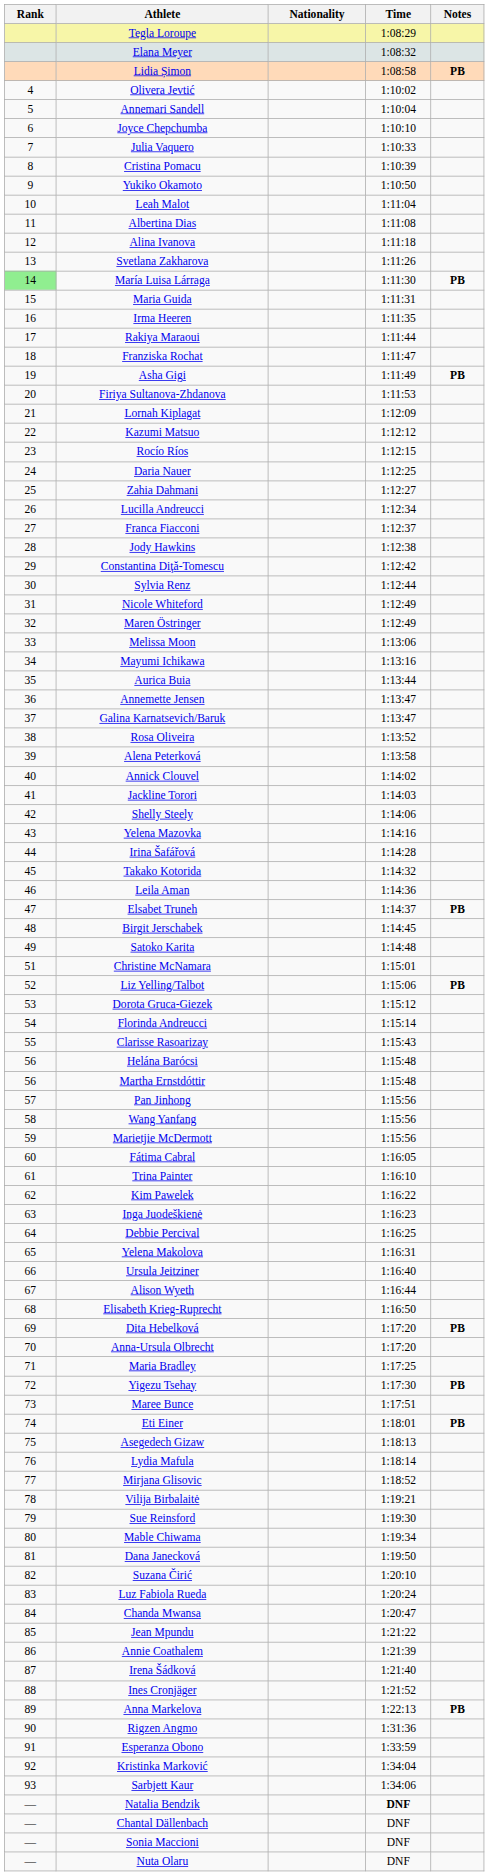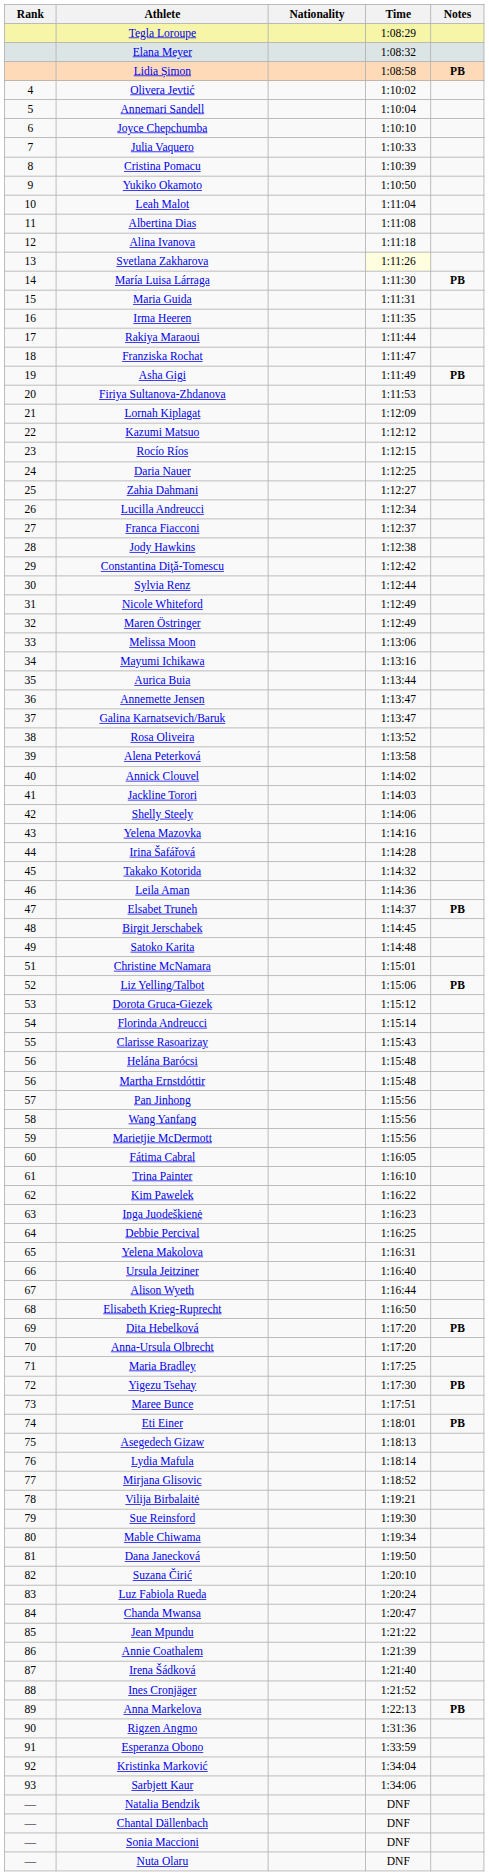 <table class="wikitable sortable" style=" text-align:center; font-size:95%;" width="50%">
 <tr>
 <th>Rank</th>
 <th>Athlete</th>
 <th>Nationality</th>
 <th>Time</th>
 <th>Notes</th>
 </tr>
 <tr bgcolor="#F7F6A8">
 <td align=center></td>
 <td><a href='#'>Tegla Loroupe</a></td>
 <td></td>
 <td>1:08:29</td>
 <td></td>
 </tr>
 <tr bgcolor="#DCE5E5">
 <td align=center></td>
 <td><a href='#'>Elana Meyer</a></td>
 <td></td>
 <td>1:08:32</td>
 <td></td>
 </tr>
 <tr bgcolor="#FFDAB9">
 <td align=center></td>
 <td><a href='#'>Lidia Șimon</a></td>
 <td></td>
 <td>1:08:58</td>
 <td><strong>PB</strong></td>
 </tr>
 <tr>
 <td align=center>4</td>
 <td><a href='#'>Olivera Jevtić</a></td>
 <td></td>
 <td>1:10:02</td>
 <td></td>
 </tr>
 <tr>
 <td align=center>5</td>
 <td><a href='#'>Annemari Sandell</a></td>
 <td></td>
 <td>1:10:04</td>
 <td></td>
 </tr>
 <tr>
 <td align=center>6</td>
 <td><a href='#'>Joyce Chepchumba</a></td>
 <td></td>
 <td>1:10:10</td>
 <td></td>
 </tr>
 <tr>
 <td align=center>7</td>
 <td><a href='#'>Julia Vaquero</a></td>
 <td></td>
 <td>1:10:33</td>
 <td></td>
 </tr>
 <tr>
 <td align=center>8</td>
 <td><a href='#'>Cristina Pomacu</a></td>
 <td></td>
 <td>1:10:39</td>
 <td></td>
 </tr>
 <tr>
 <td align=center>9</td>
 <td><a href='#'>Yukiko Okamoto</a></td>
 <td></td>
 <td>1:10:50</td>
 <td></td>
 </tr>
 <tr>
 <td align=center>10</td>
 <td><a href='#'>Leah Malot</a></td>
 <td></td>
 <td>1:11:04</td>
 <td></td>
 </tr>
 <tr>
 <td align=center>11</td>
 <td><a href='#'>Albertina Dias</a></td>
 <td></td>
 <td>1:11:08</td>
 <td></td>
 </tr>
 <tr>
 <td align=center>12</td>
 <td><a href='#'>Alina Ivanova</a></td>
 <td></td>
 <td>1:11:18</td>
 <td></td>
 </tr>
 <tr>
 <td align=center>13</td>
 <td><a href='#'>Svetlana Zakharova</a></td>
 <td></td>
-<td>1:11:26</td>
+<td style="background: lightyellow;">1:11:26</td>
 <td></td>
 </tr>
 <tr>
-<td align=center style="background: lightgreen;">14</td>
+<td align=center>14</td>
 <td><a href='#'>María Luisa Lárraga</a></td>
 <td></td>
 <td>1:11:30</td>
 <td><strong>PB</strong></td>
 </tr>
 <tr>
 <td align=center>15</td>
 <td><a href='#'>Maria Guida</a></td>
 <td></td>
 <td>1:11:31</td>
 <td></td>
 </tr>
 <tr>
 <td align=center>16</td>
 <td><a href='#'>Irma Heeren</a></td>
 <td></td>
 <td>1:11:35</td>
 <td></td>
 </tr>
 <tr>
 <td align=center>17</td>
 <td><a href='#'>Rakiya Maraoui</a></td>
 <td></td>
 <td>1:11:44</td>
 <td></td>
 </tr>
 <tr>
 <td align=center>18</td>
 <td><a href='#'>Franziska Rochat</a></td>
 <td></td>
 <td>1:11:47</td>
 <td></td>
 </tr>
 <tr>
 <td align=center>19</td>
 <td><a href='#'>Asha Gigi</a></td>
 <td></td>
 <td>1:11:49</td>
 <td><strong>PB</strong></td>
 </tr>
 <tr>
 <td align=center>20</td>
 <td><a href='#'>Firiya Sultanova-Zhdanova</a></td>
 <td></td>
 <td>1:11:53</td>
 <td></td>
 </tr>
 <tr>
 <td align=center>21</td>
 <td><a href='#'>Lornah Kiplagat</a></td>
 <td></td>
 <td>1:12:09</td>
 <td></td>
 </tr>
 <tr>
 <td align=center>22</td>
 <td><a href='#'>Kazumi Matsuo</a></td>
 <td></td>
 <td>1:12:12</td>
 <td></td>
 </tr>
 <tr>
 <td align=center>23</td>
 <td><a href='#'>Rocío Ríos</a></td>
 <td></td>
 <td>1:12:15</td>
 <td></td>
 </tr>
 <tr>
 <td align=center>24</td>
 <td><a href='#'>Daria Nauer</a></td>
 <td></td>
 <td>1:12:25</td>
 <td></td>
 </tr>
 <tr>
 <td align=center>25</td>
 <td><a href='#'>Zahia Dahmani</a></td>
 <td></td>
 <td>1:12:27</td>
 <td></td>
 </tr>
 <tr>
 <td align=center>26</td>
 <td><a href='#'>Lucilla Andreucci</a></td>
 <td></td>
 <td>1:12:34</td>
 <td></td>
 </tr>
 <tr>
 <td align=center>27</td>
 <td><a href='#'>Franca Fiacconi</a></td>
 <td></td>
 <td>1:12:37</td>
 <td></td>
 </tr>
 <tr>
 <td align=center>28</td>
 <td><a href='#'>Jody Hawkins</a></td>
 <td></td>
 <td>1:12:38</td>
 <td></td>
 </tr>
 <tr>
 <td align=center>29</td>
 <td><a href='#'>Constantina Diţă-Tomescu</a></td>
 <td></td>
 <td>1:12:42</td>
 <td></td>
 </tr>
 <tr>
 <td align=center>30</td>
 <td><a href='#'>Sylvia Renz</a></td>
 <td></td>
 <td>1:12:44</td>
 <td></td>
 </tr>
 <tr>
 <td align=center>31</td>
 <td><a href='#'>Nicole Whiteford</a></td>
 <td></td>
 <td>1:12:49</td>
 <td></td>
 </tr>
 <tr>
 <td align=center>32</td>
 <td><a href='#'>Maren Östringer</a></td>
 <td></td>
 <td>1:12:49</td>
 <td></td>
 </tr>
 <tr>
 <td align=center>33</td>
 <td><a href='#'>Melissa Moon</a></td>
 <td></td>
 <td>1:13:06</td>
 <td></td>
 </tr>
 <tr>
 <td align=center>34</td>
 <td><a href='#'>Mayumi Ichikawa</a></td>
 <td></td>
 <td>1:13:16</td>
 <td></td>
 </tr>
 <tr>
 <td align=center>35</td>
 <td><a href='#'>Aurica Buia</a></td>
 <td></td>
 <td>1:13:44</td>
 <td></td>
 </tr>
 <tr>
 <td align=center>36</td>
 <td><a href='#'>Annemette Jensen</a></td>
 <td></td>
 <td>1:13:47</td>
 <td></td>
 </tr>
 <tr>
 <td align=center>37</td>
 <td><a href='#'>Galina Karnatsevich/Baruk</a></td>
 <td></td>
 <td>1:13:47</td>
 <td></td>
 </tr>
 <tr>
 <td align=center>38</td>
 <td><a href='#'>Rosa Oliveira</a></td>
 <td></td>
 <td>1:13:52</td>
 <td></td>
 </tr>
 <tr>
 <td align=center>39</td>
 <td><a href='#'>Alena Peterková</a></td>
 <td></td>
 <td>1:13:58</td>
 <td></td>
 </tr>
 <tr>
 <td align=center>40</td>
 <td><a href='#'>Annick Clouvel</a></td>
 <td></td>
 <td>1:14:02</td>
 <td></td>
 </tr>
 <tr>
 <td align=center>41</td>
 <td><a href='#'>Jackline Torori</a></td>
 <td></td>
 <td>1:14:03</td>
 <td></td>
 </tr>
 <tr>
 <td align=center>42</td>
 <td><a href='#'>Shelly Steely</a></td>
 <td></td>
 <td>1:14:06</td>
 <td></td>
 </tr>
 <tr>
 <td align=center>43</td>
 <td><a href='#'>Yelena Mazovka</a></td>
 <td></td>
 <td>1:14:16</td>
 <td></td>
 </tr>
 <tr>
 <td align=center>44</td>
 <td><a href='#'>Irina Šafářová</a></td>
 <td></td>
 <td>1:14:28</td>
 <td></td>
 </tr>
 <tr>
 <td align=center>45</td>
 <td><a href='#'>Takako Kotorida</a></td>
 <td></td>
 <td>1:14:32</td>
 <td></td>
 </tr>
 <tr>
 <td align=center>46</td>
 <td><a href='#'>Leila Aman</a></td>
 <td></td>
 <td>1:14:36</td>
 <td></td>
 </tr>
 <tr>
 <td align=center>47</td>
 <td><a href='#'>Elsabet Truneh</a></td>
 <td></td>
 <td>1:14:37</td>
 <td><strong>PB</strong></td>
 </tr>
 <tr>
 <td align=center>48</td>
 <td><a href='#'>Birgit Jerschabek</a></td>
 <td></td>
 <td>1:14:45</td>
 <td></td>
 </tr>
 <tr>
 <td align=center>49</td>
 <td><a href='#'>Satoko Karita</a></td>
 <td></td>
 <td>1:14:48</td>
 <td></td>
 </tr>
 <tr>
 <td align=center>51</td>
 <td><a href='#'>Christine McNamara</a></td>
 <td></td>
 <td>1:15:01</td>
 <td></td>
 </tr>
 <tr>
 <td align=center>52</td>
 <td><a href='#'>Liz Yelling/Talbot</a></td>
 <td></td>
 <td>1:15:06</td>
 <td><strong>PB</strong></td>
 </tr>
 <tr>
 <td align=center>53</td>
 <td><a href='#'>Dorota Gruca-Giezek</a></td>
 <td></td>
 <td>1:15:12</td>
 <td></td>
 </tr>
 <tr>
 <td align=center>54</td>
 <td><a href='#'>Florinda Andreucci</a></td>
 <td></td>
 <td>1:15:14</td>
 <td></td>
 </tr>
 <tr>
 <td align=center>55</td>
 <td><a href='#'>Clarisse Rasoarizay</a></td>
 <td></td>
 <td>1:15:43</td>
 <td></td>
 </tr>
 <tr>
 <td align=center>56</td>
 <td><a href='#'>Helána Barócsi</a></td>
 <td></td>
 <td>1:15:48</td>
 <td></td>
 </tr>
 <tr>
 <td align=center>56</td>
 <td><a href='#'>Martha Ernstdóttir</a></td>
 <td></td>
 <td>1:15:48</td>
 <td></td>
 </tr>
 <tr>
 <td align=center>57</td>
 <td><a href='#'>Pan Jinhong</a></td>
 <td></td>
 <td>1:15:56</td>
 <td></td>
 </tr>
 <tr>
 <td align=center>58</td>
 <td><a href='#'>Wang Yanfang</a></td>
 <td></td>
 <td>1:15:56</td>
 <td></td>
 </tr>
 <tr>
 <td align=center>59</td>
 <td><a href='#'>Marietjie McDermott</a></td>
 <td></td>
 <td>1:15:56</td>
 <td></td>
 </tr>
 <tr>
 <td align=center>60</td>
 <td><a href='#'>Fátima Cabral</a></td>
 <td></td>
 <td>1:16:05</td>
 <td></td>
 </tr>
 <tr>
 <td align=center>61</td>
 <td><a href='#'>Trina Painter</a></td>
 <td></td>
 <td>1:16:10</td>
 <td></td>
 </tr>
 <tr>
 <td align=center>62</td>
 <td><a href='#'>Kim Pawelek</a></td>
 <td></td>
 <td>1:16:22</td>
 <td></td>
 </tr>
 <tr>
 <td align=center>63</td>
 <td><a href='#'>Inga Juodeškienė</a></td>
 <td></td>
 <td>1:16:23</td>
 <td></td>
 </tr>
 <tr>
 <td align=center>64</td>
 <td><a href='#'>Debbie Percival</a></td>
 <td></td>
 <td>1:16:25</td>
 <td></td>
 </tr>
 <tr>
 <td align=center>65</td>
 <td><a href='#'>Yelena Makolova</a></td>
 <td></td>
 <td>1:16:31</td>
 <td></td>
 </tr>
 <tr>
 <td align=center>66</td>
 <td><a href='#'>Ursula Jeitziner</a></td>
 <td></td>
 <td>1:16:40</td>
 <td></td>
 </tr>
 <tr>
 <td align=center>67</td>
 <td><a href='#'>Alison Wyeth</a></td>
 <td></td>
 <td>1:16:44</td>
 <td></td>
 </tr>
 <tr>
 <td align=center>68</td>
 <td><a href='#'>Elisabeth Krieg-Ruprecht</a></td>
 <td></td>
 <td>1:16:50</td>
 <td></td>
 </tr>
 <tr>
 <td align=center>69</td>
 <td><a href='#'>Dita Hebelková</a></td>
 <td></td>
 <td>1:17:20</td>
 <td><strong>PB</strong></td>
 </tr>
 <tr>
 <td align=center>70</td>
 <td><a href='#'>Anna-Ursula Olbrecht</a></td>
 <td></td>
 <td>1:17:20</td>
 <td></td>
 </tr>
 <tr>
 <td align=center>71</td>
 <td><a href='#'>Maria Bradley</a></td>
 <td></td>
 <td>1:17:25</td>
 <td></td>
 </tr>
 <tr>
 <td align=center>72</td>
 <td><a href='#'>Yigezu Tsehay</a></td>
 <td></td>
 <td>1:17:30</td>
 <td><strong>PB</strong></td>
 </tr>
 <tr>
 <td align=center>73</td>
 <td><a href='#'>Maree Bunce</a></td>
 <td></td>
 <td>1:17:51</td>
 <td></td>
 </tr>
 <tr>
 <td align=center>74</td>
 <td><a href='#'>Eti Einer</a></td>
 <td></td>
 <td>1:18:01</td>
 <td><strong>PB</strong></td>
 </tr>
 <tr>
 <td align=center>75</td>
 <td><a href='#'>Asegedech Gizaw</a></td>
 <td></td>
 <td>1:18:13</td>
 <td></td>
 </tr>
 <tr>
 <td align=center>76</td>
 <td><a href='#'>Lydia Mafula</a></td>
 <td></td>
 <td>1:18:14</td>
 <td></td>
 </tr>
 <tr>
 <td align=center>77</td>
 <td><a href='#'>Mirjana Glisovic</a></td>
 <td></td>
 <td>1:18:52</td>
 <td></td>
 </tr>
 <tr>
 <td align=center>78</td>
 <td><a href='#'>Vilija Birbalaitė</a></td>
 <td></td>
 <td>1:19:21</td>
 <td></td>
 </tr>
 <tr>
 <td align=center>79</td>
 <td><a href='#'>Sue Reinsford</a></td>
 <td></td>
 <td>1:19:30</td>
 <td></td>
 </tr>
 <tr>
 <td align=center>80</td>
 <td><a href='#'>Mable Chiwama</a></td>
 <td></td>
 <td>1:19:34</td>
 <td></td>
 </tr>
 <tr>
 <td align=center>81</td>
 <td><a href='#'>Dana Janecková</a></td>
 <td></td>
 <td>1:19:50</td>
 <td></td>
 </tr>
 <tr>
 <td align=center>82</td>
 <td><a href='#'>Suzana Čirić</a></td>
 <td></td>
 <td>1:20:10</td>
 <td></td>
 </tr>
 <tr>
 <td align=center>83</td>
 <td><a href='#'>Luz Fabiola Rueda</a></td>
 <td></td>
 <td>1:20:24</td>
 <td></td>
 </tr>
 <tr>
 <td align=center>84</td>
 <td><a href='#'>Chanda Mwansa</a></td>
 <td></td>
 <td>1:20:47</td>
 <td></td>
 </tr>
 <tr>
 <td align=center>85</td>
 <td><a href='#'>Jean Mpundu</a></td>
 <td></td>
 <td>1:21:22</td>
 <td></td>
 </tr>
 <tr>
 <td align=center>86</td>
 <td><a href='#'>Annie Coathalem</a></td>
 <td></td>
 <td>1:21:39</td>
 <td></td>
 </tr>
 <tr>
 <td align=center>87</td>
 <td><a href='#'>Irena Šádková</a></td>
 <td></td>
 <td>1:21:40</td>
 <td></td>
 </tr>
 <tr>
 <td align=center>88</td>
 <td><a href='#'>Ines Cronjäger</a></td>
 <td></td>
 <td>1:21:52</td>
 <td></td>
 </tr>
 <tr>
 <td align=center>89</td>
 <td><a href='#'>Anna Markelova</a></td>
 <td></td>
 <td>1:22:13</td>
 <td><strong>PB</strong></td>
 </tr>
 <tr>
 <td align=center>90</td>
 <td><a href='#'>Rigzen Angmo</a></td>
 <td></td>
 <td>1:31:36</td>
 <td></td>
 </tr>
 <tr>
 <td align=center>91</td>
 <td><a href='#'>Esperanza Obono</a></td>
 <td></td>
 <td>1:33:59</td>
 <td></td>
 </tr>
 <tr>
 <td align=center>92</td>
 <td><a href='#'>Kristinka Marković</a></td>
 <td></td>
 <td>1:34:04</td>
 <td></td>
 </tr>
 <tr>
 <td align=center>93</td>
 <td><a href='#'>Sarbjett Kaur</a></td>
 <td></td>
 <td>1:34:06</td>
 <td></td>
 </tr>
 <tr>
 <td align=center>—</td>
 <td><a href='#'>Natalia Bendzik</a></td>
 <td></td>
-<td><strong>DNF</strong></td>
+<td>DNF</td>
 <td></td>
 </tr>
 <tr>
 <td align=center>—</td>
 <td><a href='#'>Chantal Dällenbach</a></td>
 <td></td>
 <td>DNF</td>
 <td></td>
 </tr>
 <tr>
 <td align=center>—</td>
 <td><a href='#'>Sonia Maccioni</a></td>
 <td></td>
 <td>DNF</td>
 <td></td>
 </tr>
 <tr>
 <td align=center>—</td>
 <td><a href='#'>Nuta Olaru</a></td>
 <td></td>
 <td>DNF</td>
 <td></td>
 </tr>
 </table>
